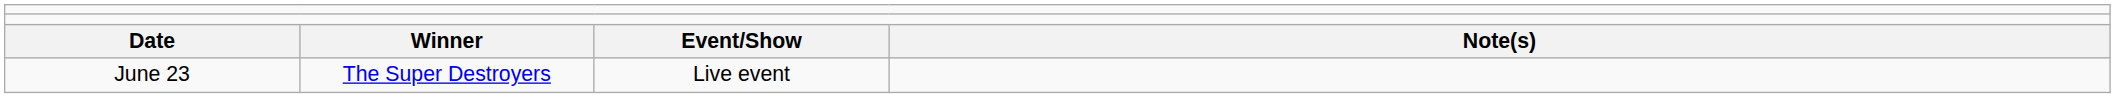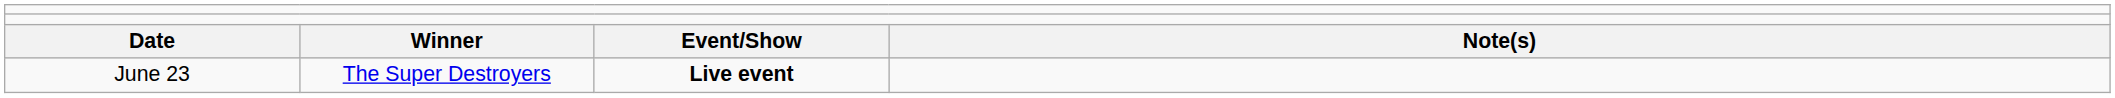 <table class="wikitable" style="text-align:center; width:100%;">
 <tr>
 <td colspan="5"></td>
 </tr>
 <tr>
 <td colspan="5"><strong></strong></td>
 </tr>
 <tr>
 <th width=14%>Date</th>
 <th width=14%>Winner</th>
 <th width=14%>Event/Show</th>
 <th width=58%>Note(s)</th>
 </tr>
 <tr>
 <td>June 23</td>
 <td><a href='#'>The Super Destroyers</a><br></td>
-<td>Live event</td>
+<td><strong>Live event</strong></td>
 <td align=left></td>
 </tr>
 </table>
